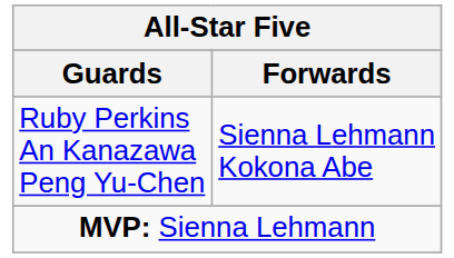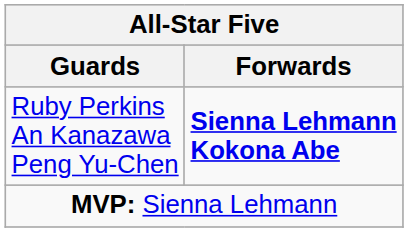 <table class=wikitable style="margin:auto">
 <tr>
 <th colspan=2 align=center>All-Star Five</th>
 </tr>
 <tr>
 <th>Guards</th>
 <th>Forwards</th>
 </tr>
 <tr>
 <td> <a href='#'>Ruby Perkins</a><br> <a href='#'>An Kanazawa</a><br> <a href='#'>Peng Yu-Chen</a></td>
-<td> <a href='#'>Sienna Lehmann</a><br> <a href='#'>Kokona Abe</a></td>
+<td><strong> <a href='#'>Sienna Lehmann</a><br> <a href='#'>Kokona Abe</a></strong></td>
 </tr>
 <tr>
 <td colspan=2 align=center><strong>MVP:</strong>  <a href='#'>Sienna Lehmann</a></td>
 </tr>
 </table>
